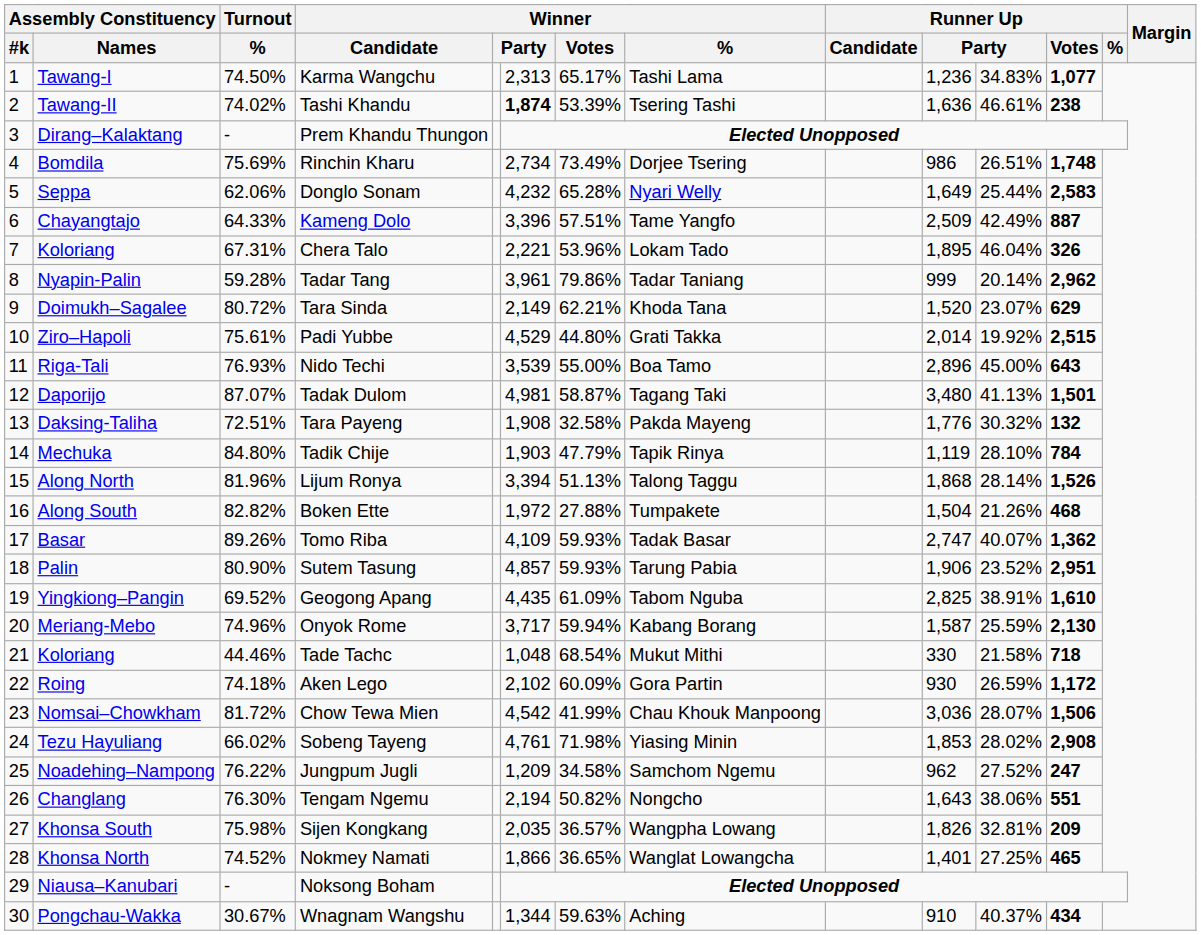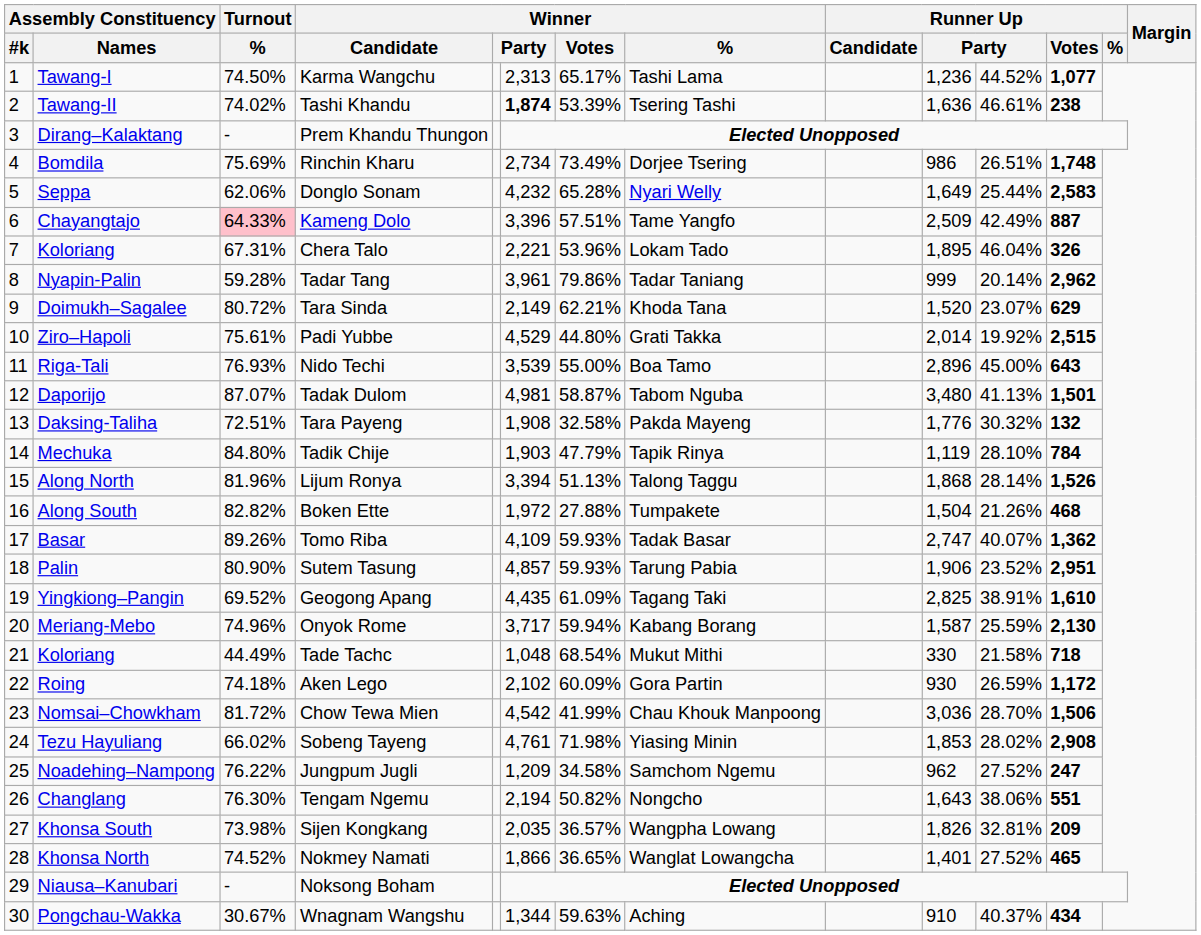 <table class="wikitable sortable">
 <tr>
 <th colspan="2">Assembly Constituency</th>
 <th>Turnout</th>
 <th colspan="5">Winner</th>
 <th colspan="5">Runner Up</th>
 <th rowspan="2" data-sort-type=number>Margin</th>
 </tr>
 <tr>
 <th>#k</th>
 <th>Names</th>
 <th>%</th>
 <th>Candidate</th>
 <th colspan="2">Party</th>
 <th data-sort-type=number>Votes</th>
 <th>%</th>
 <th>Candidate</th>
 <th colspan="2">Party</th>
 <th data-sort-type=number>Votes</th>
 <th>%</th>
 </tr>
 <tr>
 <td>1</td>
 <td><a href='#'>Tawang-I</a></td>
 <td>74.50%</td>
 <td>Karma Wangchu</td>
 <td></td>
 <td>2,313</td>
 <td>65.17%</td>
 <td>Tashi Lama</td>
 <td></td>
 <td>1,236</td>
-<td>34.83%</td>
+<td>44.52%</td>
 <td style="background:"><span><strong>1,077</strong></span></td>
 </tr>
 <tr>
 <td>2</td>
 <td><a href='#'>Tawang-II</a></td>
 <td>74.02%</td>
 <td>Tashi Khandu</td>
 <td></td>
 <td><strong>1,874</strong></td>
 <td>53.39%</td>
 <td>Tsering Tashi</td>
 <td></td>
 <td>1,636</td>
 <td>46.61%</td>
 <td style="background:"><span><strong>238</strong></span></td>
 </tr>
 <tr>
 <td>3</td>
 <td><a href='#'>Dirang–Kalaktang</a></td>
 <td>-</td>
 <td>Prem Khandu Thungon</td>
 <td></td>
 <td colspan=8 style="text-align:center;"><b><em>Elected Unopposed</em></b></td>
 </tr>
 <tr>
 <td>4</td>
 <td><a href='#'>Bomdila</a></td>
 <td>75.69%</td>
 <td>Rinchin Kharu</td>
 <td></td>
 <td>2,734</td>
 <td>73.49%</td>
 <td>Dorjee Tsering</td>
 <td></td>
 <td>986</td>
 <td>26.51%</td>
 <td style="background:"><span><strong>1,748</strong></span></td>
 </tr>
 <tr>
 <td>5</td>
 <td><a href='#'>Seppa</a></td>
 <td>62.06%</td>
 <td>Donglo Sonam</td>
 <td></td>
 <td>4,232</td>
 <td>65.28%</td>
 <td><a href='#'>Nyari Welly</a></td>
 <td></td>
 <td>1,649</td>
 <td>25.44%</td>
 <td style="background:"><span><strong>2,583</strong></span></td>
 </tr>
 <tr>
 <td>6</td>
 <td><a href='#'>Chayangtajo</a></td>
-<td>64.33%</td>
+<td style="background: pink;">64.33%</td>
 <td><a href='#'>Kameng Dolo</a></td>
 <td></td>
 <td>3,396</td>
 <td>57.51%</td>
 <td>Tame Yangfo</td>
 <td></td>
 <td>2,509</td>
 <td>42.49%</td>
 <td style="background:"><span><strong>887</strong></span></td>
 </tr>
 <tr>
 <td>7</td>
 <td><a href='#'>Koloriang</a></td>
 <td>67.31%</td>
 <td>Chera Talo</td>
 <td></td>
 <td>2,221</td>
 <td>53.96%</td>
 <td>Lokam Tado</td>
 <td></td>
 <td>1,895</td>
 <td>46.04%</td>
 <td style="background:"><span><strong>326</strong></span></td>
 </tr>
 <tr>
 <td>8</td>
 <td><a href='#'>Nyapin-Palin</a></td>
 <td>59.28%</td>
 <td>Tadar Tang</td>
 <td></td>
 <td>3,961</td>
 <td>79.86%</td>
 <td>Tadar Taniang</td>
 <td></td>
 <td>999</td>
 <td>20.14%</td>
 <td style="background:"><span><strong>2,962</strong></span></td>
 </tr>
 <tr>
 <td>9</td>
 <td><a href='#'>Doimukh–Sagalee</a></td>
 <td>80.72%</td>
 <td>Tara Sinda</td>
 <td></td>
 <td>2,149</td>
 <td>62.21%</td>
 <td>Khoda Tana</td>
 <td></td>
 <td>1,520</td>
 <td>23.07%</td>
 <td style="background:"><span><strong>629</strong></span></td>
 </tr>
 <tr>
 <td>10</td>
 <td><a href='#'>Ziro–Hapoli</a></td>
 <td>75.61%</td>
 <td>Padi Yubbe</td>
 <td></td>
 <td>4,529</td>
 <td>44.80%</td>
 <td>Grati Takka</td>
 <td></td>
 <td>2,014</td>
 <td>19.92%</td>
 <td style="background:"><span><strong>2,515</strong></span></td>
 </tr>
 <tr>
 <td>11</td>
 <td><a href='#'>Riga-Tali</a></td>
 <td>76.93%</td>
 <td>Nido Techi</td>
 <td></td>
 <td>3,539</td>
 <td>55.00%</td>
 <td>Boa Tamo</td>
 <td></td>
 <td>2,896</td>
 <td>45.00%</td>
 <td style="background:"><span><strong>643</strong></span></td>
 </tr>
 <tr>
 <td>12</td>
 <td><a href='#'>Daporijo</a></td>
 <td>87.07%</td>
 <td>Tadak Dulom</td>
 <td></td>
 <td>4,981</td>
 <td>58.87%</td>
-<td>Tagang Taki</td>
+<td>Tabom Nguba</td>
 <td></td>
 <td>3,480</td>
 <td>41.13%</td>
 <td style="background:"><span><strong>1,501</strong></span></td>
 </tr>
 <tr>
 <td>13</td>
 <td><a href='#'>Daksing-Taliha</a></td>
 <td>72.51%</td>
 <td>Tara Payeng</td>
 <td></td>
 <td>1,908</td>
 <td>32.58%</td>
 <td>Pakda Mayeng</td>
 <td></td>
 <td>1,776</td>
 <td>30.32%</td>
 <td style="background:"><span><strong>132</strong></span></td>
 </tr>
 <tr>
 <td>14</td>
 <td><a href='#'>Mechuka</a></td>
 <td>84.80%</td>
 <td>Tadik Chije</td>
 <td></td>
 <td>1,903</td>
 <td>47.79%</td>
 <td>Tapik Rinya</td>
 <td></td>
 <td>1,119</td>
 <td>28.10%</td>
 <td style="background:"><span><strong>784</strong></span></td>
 </tr>
 <tr>
 <td>15</td>
 <td><a href='#'>Along North</a></td>
 <td>81.96%</td>
 <td>Lijum Ronya</td>
 <td></td>
 <td>3,394</td>
 <td>51.13%</td>
 <td>Talong Taggu</td>
 <td></td>
 <td>1,868</td>
 <td>28.14%</td>
 <td style="background:"><span><strong>1,526</strong></span></td>
 </tr>
 <tr>
 <td>16</td>
 <td><a href='#'>Along South</a></td>
 <td>82.82%</td>
 <td>Boken Ette</td>
 <td></td>
 <td>1,972</td>
 <td>27.88%</td>
 <td>Tumpakete</td>
 <td></td>
 <td>1,504</td>
 <td>21.26%</td>
 <td style="background:"><span><strong>468</strong></span></td>
 </tr>
 <tr>
 <td>17</td>
 <td><a href='#'>Basar</a></td>
 <td>89.26%</td>
 <td>Tomo Riba</td>
 <td></td>
 <td>4,109</td>
 <td>59.93%</td>
 <td>Tadak Basar</td>
 <td></td>
 <td>2,747</td>
 <td>40.07%</td>
 <td style="background:"><span><strong>1,362</strong></span></td>
 </tr>
 <tr>
 <td>18</td>
 <td><a href='#'>Palin</a></td>
 <td>80.90%</td>
 <td>Sutem Tasung</td>
 <td></td>
 <td>4,857</td>
 <td>59.93%</td>
 <td>Tarung Pabia</td>
 <td></td>
 <td>1,906</td>
 <td>23.52%</td>
 <td style="background:"><span><strong>2,951</strong></span></td>
 </tr>
 <tr>
 <td>19</td>
 <td><a href='#'>Yingkiong–Pangin</a></td>
 <td>69.52%</td>
 <td>Geogong Apang</td>
 <td></td>
 <td>4,435</td>
 <td>61.09%</td>
-<td>Tabom Nguba</td>
+<td>Tagang Taki</td>
 <td></td>
 <td>2,825</td>
 <td>38.91%</td>
 <td style="background:"><span><strong>1,610</strong></span></td>
 </tr>
 <tr>
 <td>20</td>
 <td><a href='#'>Meriang-Mebo</a></td>
 <td>74.96%</td>
 <td>Onyok Rome</td>
 <td></td>
 <td>3,717</td>
 <td>59.94%</td>
 <td>Kabang Borang</td>
 <td></td>
 <td>1,587</td>
 <td>25.59%</td>
 <td style="background:"><span><strong>2,130</strong></span></td>
 </tr>
 <tr>
 <td>21</td>
 <td><a href='#'>Koloriang</a></td>
-<td>44.46%</td>
+<td>44.49%</td>
 <td>Tade Tachc</td>
 <td></td>
 <td>1,048</td>
 <td>68.54%</td>
 <td>Mukut Mithi</td>
 <td></td>
 <td>330</td>
 <td>21.58%</td>
 <td style="background:"><span><strong>718</strong></span></td>
 </tr>
 <tr>
 <td>22</td>
 <td><a href='#'>Roing</a></td>
 <td>74.18%</td>
 <td>Aken Lego</td>
 <td></td>
 <td>2,102</td>
 <td>60.09%</td>
 <td>Gora Partin</td>
 <td></td>
 <td>930</td>
 <td>26.59%</td>
 <td style="background:"><span><strong>1,172</strong></span></td>
 </tr>
 <tr>
 <td>23</td>
 <td><a href='#'>Nomsai–Chowkham</a></td>
 <td>81.72%</td>
 <td>Chow Tewa Mien</td>
 <td></td>
 <td>4,542</td>
 <td>41.99%</td>
 <td>Chau Khouk Manpoong</td>
 <td></td>
 <td>3,036</td>
-<td>28.07%</td>
+<td>28.70%</td>
 <td style="background:"><span><strong>1,506</strong></span></td>
 </tr>
 <tr>
 <td>24</td>
 <td><a href='#'>Tezu Hayuliang</a></td>
 <td>66.02%</td>
 <td>Sobeng Tayeng</td>
 <td></td>
 <td>4,761</td>
 <td>71.98%</td>
 <td>Yiasing Minin</td>
 <td></td>
 <td>1,853</td>
 <td>28.02%</td>
 <td style="background:"><span><strong>2,908</strong></span></td>
 </tr>
 <tr>
 <td>25</td>
 <td><a href='#'>Noadehing–Nampong</a></td>
 <td>76.22%</td>
 <td>Jungpum Jugli</td>
 <td></td>
 <td>1,209</td>
 <td>34.58%</td>
 <td>Samchom Ngemu</td>
 <td></td>
 <td>962</td>
 <td>27.52%</td>
 <td style="background:"><span><strong>247</strong></span></td>
 </tr>
 <tr>
 <td>26</td>
 <td><a href='#'>Changlang</a></td>
 <td>76.30%</td>
 <td>Tengam Ngemu</td>
 <td></td>
 <td>2,194</td>
 <td>50.82%</td>
 <td>Nongcho</td>
 <td></td>
 <td>1,643</td>
 <td>38.06%</td>
 <td style="background:"><span><strong>551</strong></span></td>
 </tr>
 <tr>
 <td>27</td>
 <td><a href='#'>Khonsa South</a></td>
-<td>75.98%</td>
+<td>73.98%</td>
 <td>Sijen Kongkang</td>
 <td></td>
 <td>2,035</td>
 <td>36.57%</td>
 <td>Wangpha Lowang</td>
 <td></td>
 <td>1,826</td>
 <td>32.81%</td>
 <td style="background:"><span><strong>209</strong></span></td>
 </tr>
 <tr>
 <td>28</td>
 <td><a href='#'>Khonsa North</a></td>
 <td>74.52%</td>
 <td>Nokmey Namati</td>
 <td></td>
 <td>1,866</td>
 <td>36.65%</td>
 <td>Wanglat Lowangcha</td>
 <td></td>
 <td>1,401</td>
-<td>27.25%</td>
+<td>27.52%</td>
 <td style="background:"><span><strong>465</strong></span></td>
 </tr>
 <tr>
 <td>29</td>
 <td><a href='#'>Niausa–Kanubari</a></td>
 <td>-</td>
 <td>Noksong Boham</td>
 <td></td>
 <td colspan=8 style="text-align:center;"><b><em>Elected Unopposed</em></b></td>
 </tr>
 <tr>
 <td>30</td>
 <td><a href='#'>Pongchau-Wakka</a></td>
 <td>30.67%</td>
 <td>Wnagnam Wangshu</td>
 <td></td>
 <td>1,344</td>
 <td>59.63%</td>
 <td>Aching</td>
 <td></td>
 <td>910</td>
 <td>40.37%</td>
 <td style="background:"><span><strong>434</strong></span></td>
 </tr>
 </table>
